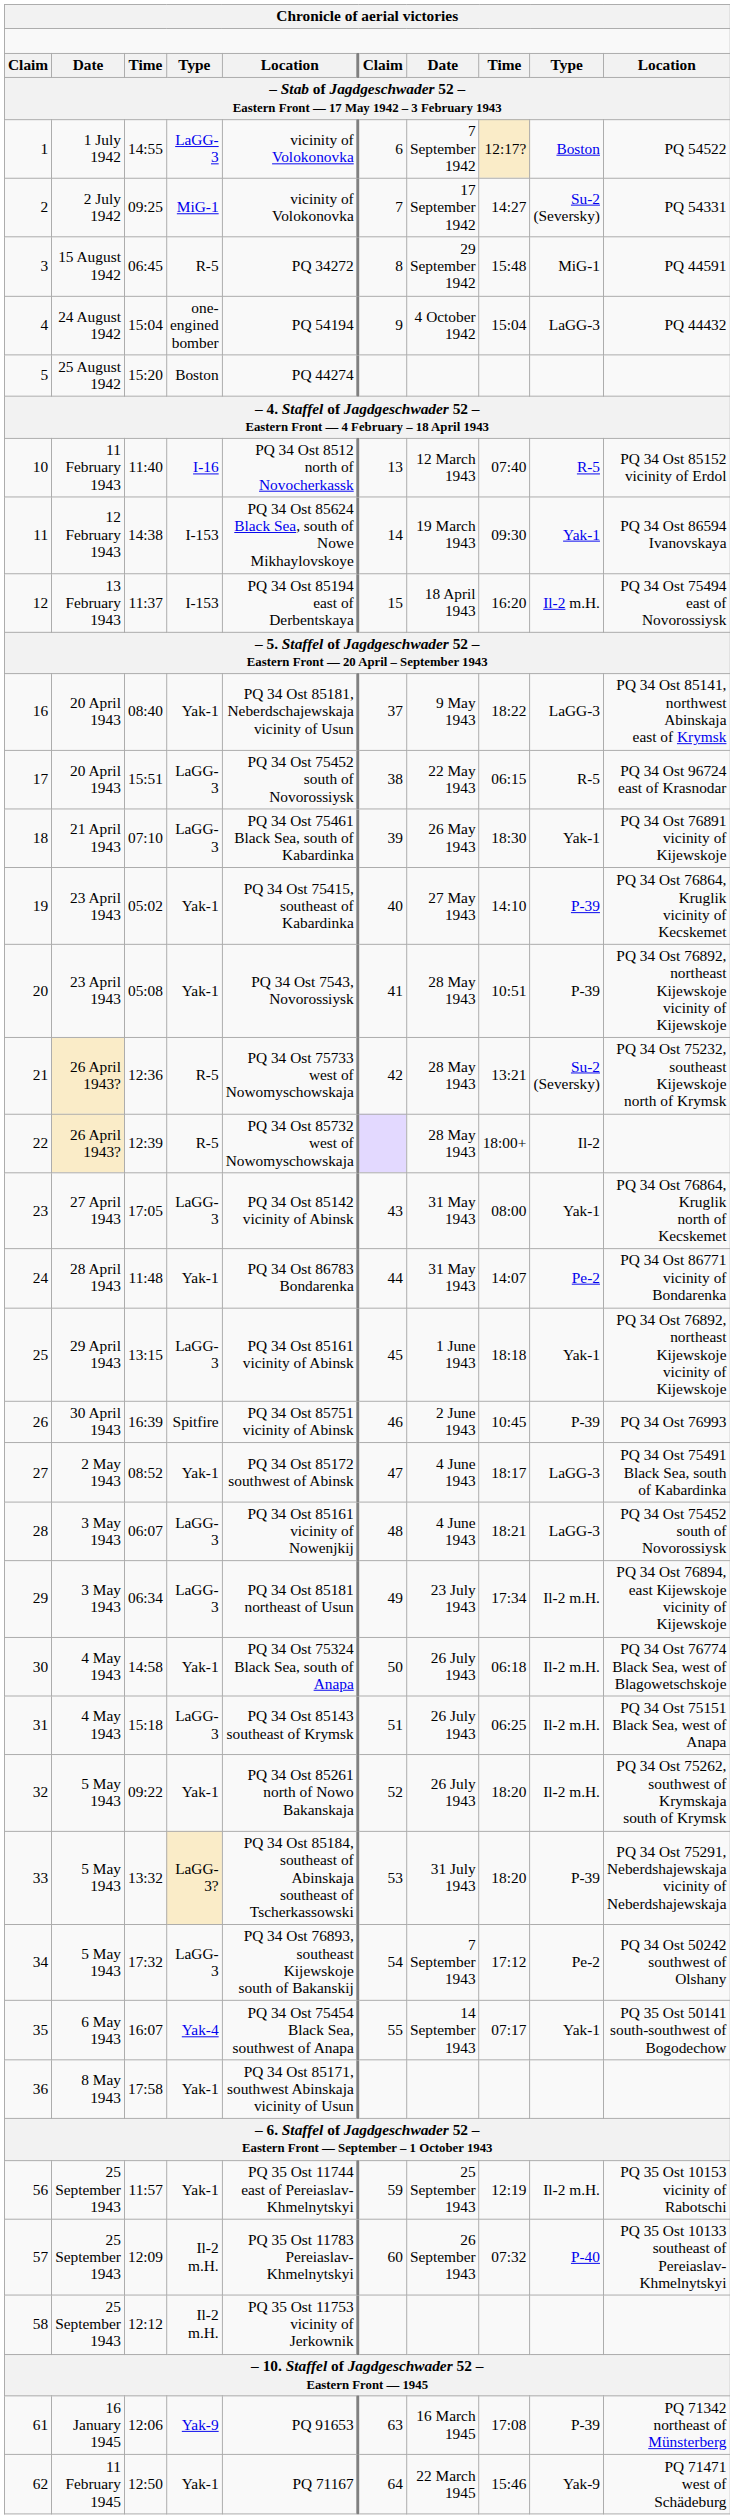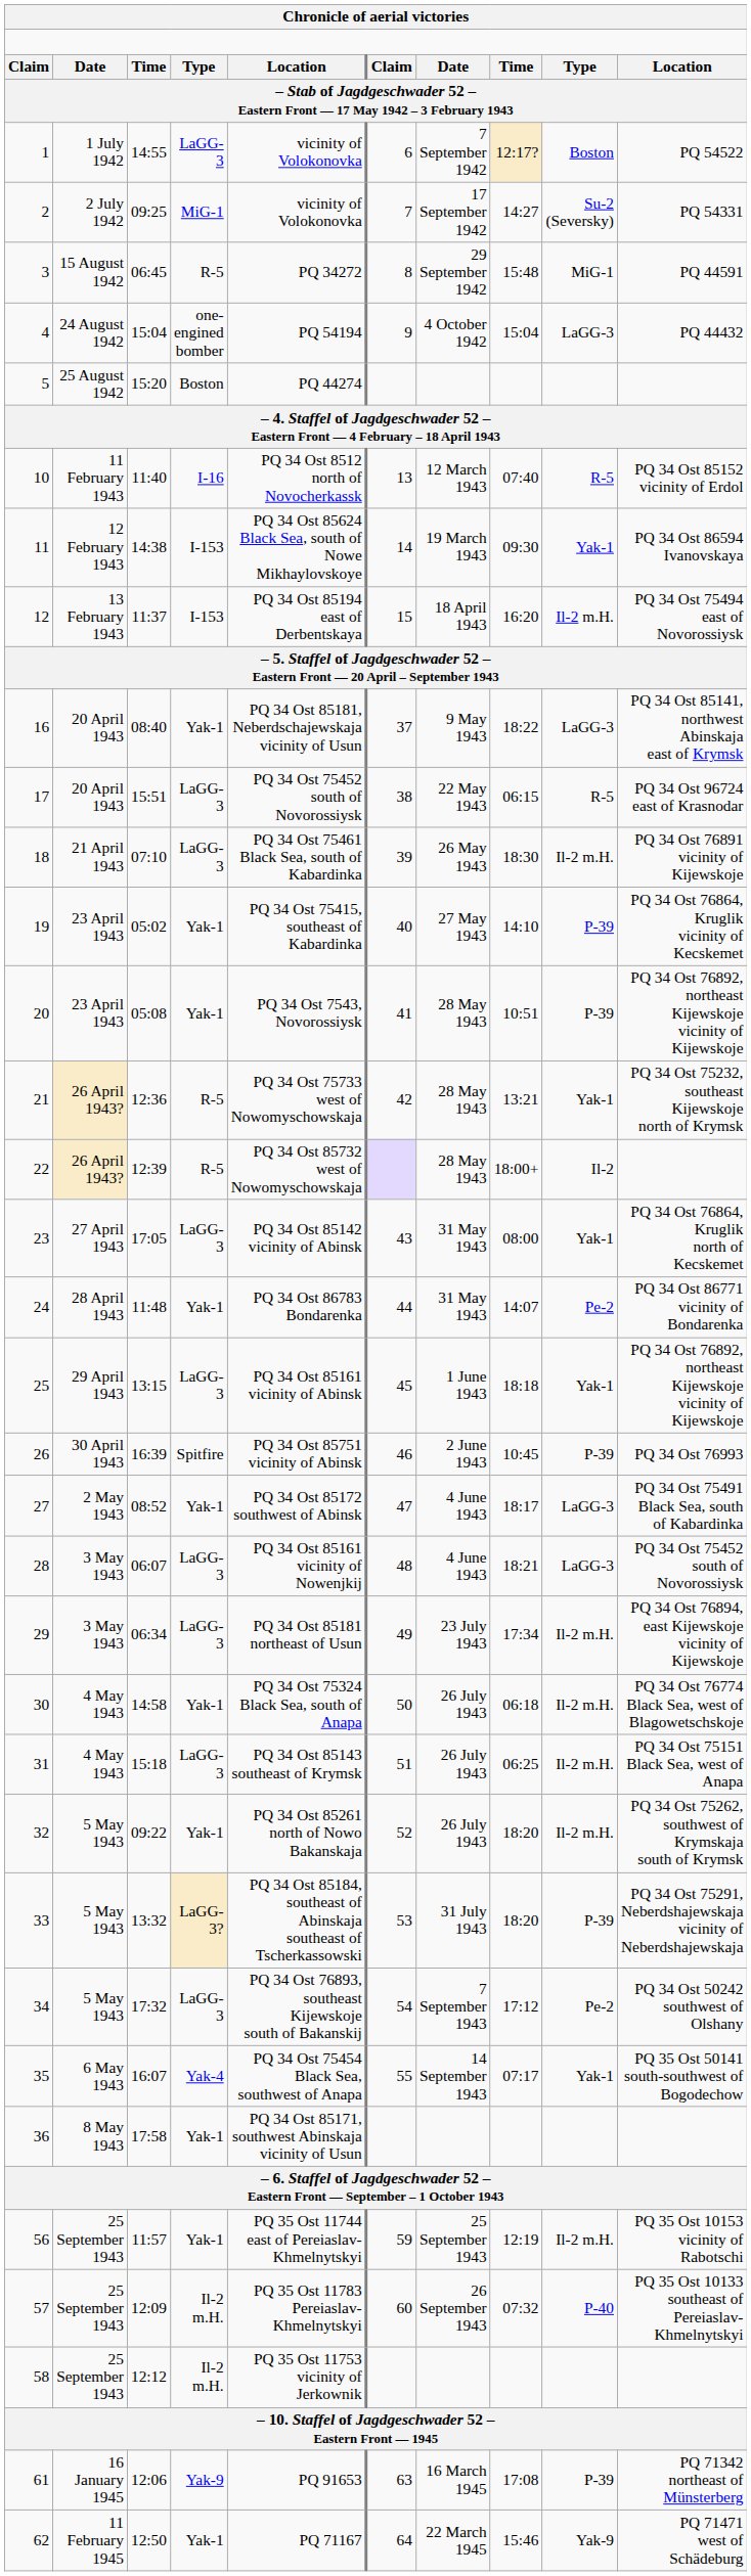 <table class="wikitable plainrowheaders collapsible" style="margin-left: auto; margin-right: auto; border: none; text-align:right; width: 100%;">
 <tr>
 <th colspan="10">Chronicle of aerial victories</th>
 </tr>
 <tr>
 <td colspan="10" style="text-align: left;"><br> </td>
 </tr>
 <tr>
 <th scope="col">Claim</th>
 <th scope="col">Date</th>
 <th scope="col">Time</th>
 <th scope="col" width="100px">Type</th>
 <th scope="col">Location</th>
 <th scope="col" style="border-left: 3px solid grey;">Claim</th>
 <th scope="col">Date</th>
 <th scope="col">Time</th>
 <th scope="col" width="100px">Type</th>
 <th scope="col">Location</th>
 </tr>
 <tr>
 <th colspan="10">– <em>Stab</em> of <em>Jagdgeschwader</em> 52 –<br><small>Eastern Front — 17 May 1942 – 3 February 1943</small></th>
 </tr>
 <tr>
 <td>1</td>
 <td>1 July 1942</td>
 <td>14:55</td>
 <td><a href='#'>LaGG-3</a></td>
 <td>vicinity of <a href='#'>Volokonovka</a></td>
 <td style="border-left: 3px solid gray;">6</td>
 <td>7 September 1942</td>
 <td style="background:#faecc8">12:17?</td>
 <td><a href='#'>Boston</a></td>
 <td>PQ 54522</td>
 </tr>
 <tr>
 <td>2</td>
 <td>2 July 1942</td>
 <td>09:25</td>
 <td><a href='#'>MiG-1</a></td>
 <td>vicinity of Volokonovka</td>
 <td style="border-left: 3px solid gray;">7</td>
 <td>17 September 1942</td>
 <td>14:27</td>
 <td><a href='#'>Su-2</a> (Seversky)</td>
 <td>PQ 54331</td>
 </tr>
 <tr>
 <td>3</td>
 <td>15 August 1942</td>
 <td>06:45</td>
 <td>R-5</td>
 <td>PQ 34272</td>
 <td style="border-left: 3px solid gray;">8</td>
 <td>29 September 1942</td>
 <td>15:48</td>
 <td>MiG-1</td>
 <td>PQ 44591</td>
 </tr>
 <tr>
 <td>4</td>
 <td>24 August 1942</td>
 <td>15:04</td>
 <td>one-engined bomber</td>
 <td>PQ 54194</td>
 <td style="border-left: 3px solid gray;">9</td>
 <td>4 October 1942</td>
 <td>15:04</td>
 <td>LaGG-3</td>
 <td>PQ 44432</td>
 </tr>
 <tr>
 <td>5</td>
 <td>25 August 1942</td>
 <td>15:20</td>
 <td>Boston</td>
 <td>PQ 44274</td>
 <td style="border-left: 3px solid gray;"></td>
 <td></td>
 <td></td>
 <td></td>
 <td></td>
 </tr>
 <tr>
 <th colspan="10">– 4. <em>Staffel</em> of <em>Jagdgeschwader</em> 52 –<br><small>Eastern Front — 4 February – 18 April 1943</small></th>
 </tr>
 <tr>
 <td>10</td>
 <td>11 February 1943</td>
 <td>11:40</td>
 <td><a href='#'>I-16</a></td>
 <td>PQ 34 Ost 8512<br> north of <a href='#'>Novocherkassk</a></td>
 <td style="border-left: 3px solid gray;">13</td>
 <td>12 March 1943</td>
 <td>07:40</td>
 <td><a href='#'>R-5</a></td>
 <td>PQ 34 Ost 85152<br>vicinity of Erdol</td>
 </tr>
 <tr>
 <td>11</td>
 <td>12 February 1943</td>
 <td>14:38</td>
 <td>I-153</td>
 <td>PQ 34 Ost 85624<br><a href='#'>Black Sea</a>, south of Nowe Mikhaylovskoye</td>
 <td style="border-left: 3px solid gray;">14</td>
 <td>19 March 1943</td>
 <td>09:30</td>
 <td><a href='#'>Yak-1</a></td>
 <td>PQ 34 Ost 86594<br>Ivanovskaya</td>
 </tr>
 <tr>
 <td>12</td>
 <td>13 February 1943</td>
 <td>11:37</td>
 <td>I-153</td>
 <td>PQ 34 Ost 85194<br>east of Derbentskaya</td>
 <td style="border-left: 3px solid gray;">15</td>
 <td>18 April 1943</td>
 <td>16:20</td>
 <td><a href='#'>Il-2</a> m.H.</td>
 <td>PQ 34 Ost 75494<br> east of Novorossiysk</td>
 </tr>
 <tr>
 <th colspan="10">– 5. <em>Staffel</em> of <em>Jagdgeschwader</em> 52 –<br><small>Eastern Front — 20 April – September 1943</small></th>
 </tr>
 <tr>
 <td>16</td>
 <td>20 April 1943</td>
 <td>08:40</td>
 <td>Yak-1</td>
 <td>PQ 34 Ost 85181, Neberdschajewskaja<br>vicinity of Usun</td>
 <td style="border-left: 3px solid grey;">37</td>
 <td>9 May 1943</td>
 <td>18:22</td>
 <td>LaGG-3</td>
 <td>PQ 34 Ost 85141, northwest Abinskaja<br>east of <a href='#'>Krymsk</a></td>
 </tr>
 <tr>
 <td>17</td>
 <td>20 April 1943</td>
 <td>15:51</td>
 <td>LaGG-3</td>
 <td>PQ 34 Ost 75452<br> south of Novorossiysk</td>
 <td style="border-left: 3px solid grey;">38</td>
 <td>22 May 1943</td>
 <td>06:15</td>
 <td>R-5</td>
 <td>PQ 34 Ost 96724<br>east of Krasnodar</td>
 </tr>
 <tr>
 <td>18</td>
 <td>21 April 1943</td>
 <td>07:10</td>
 <td>LaGG-3</td>
 <td>PQ 34 Ost 75461<br>Black Sea,  south of Kabardinka</td>
 <td style="border-left: 3px solid grey;">39</td>
 <td>26 May 1943</td>
 <td>18:30</td>
-<td>Yak-1</td>
+<td>Il-2 m.H.</td>
 <td>PQ 34 Ost 76891<br>vicinity of Kijewskoje</td>
 </tr>
 <tr>
 <td>19</td>
 <td>23 April 1943</td>
 <td>05:02</td>
 <td>Yak-1</td>
 <td>PQ 34 Ost 75415, southeast of Kabardinka</td>
 <td style="border-left: 3px solid grey;">40</td>
 <td>27 May 1943</td>
 <td>14:10</td>
 <td><a href='#'>P-39</a></td>
 <td>PQ 34 Ost 76864, Kruglik<br>vicinity of Kecskemet</td>
 </tr>
 <tr>
 <td>20</td>
 <td>23 April 1943</td>
 <td>05:08</td>
 <td>Yak-1</td>
 <td>PQ 34 Ost 7543, Novorossiysk</td>
 <td style="border-left: 3px solid grey;">41</td>
 <td>28 May 1943</td>
 <td>10:51</td>
 <td>P-39</td>
 <td>PQ 34 Ost 76892, northeast Kijewskoje<br>vicinity of Kijewskoje</td>
 </tr>
 <tr>
 <td>21</td>
 <td style="background:#faecc8">26 April 1943?</td>
 <td>12:36</td>
 <td>R-5</td>
 <td>PQ 34 Ost 75733<br>west of Nowomyschowskaja</td>
 <td style="border-left: 3px solid grey;">42</td>
 <td>28 May 1943</td>
 <td>13:21</td>
-<td><a href='#'>Su-2</a> (Seversky)</td>
+<td>Yak-1</td>
 <td>PQ 34 Ost 75232, southeast Kijewskoje<br>north of Krymsk</td>
 </tr>
 <tr>
 <td>22</td>
 <td style="background:#faecc8">26 April 1943?</td>
 <td>12:39</td>
 <td>R-5</td>
 <td>PQ 34 Ost 85732<br>west of Nowomyschowskaja</td>
 <td style="border-left: 3px solid grey; background:#e3d9ff;"></td>
 <td>28 May 1943</td>
 <td>18:00+</td>
 <td>Il-2</td>
 <td></td>
 </tr>
 <tr>
 <td>23</td>
 <td>27 April 1943</td>
 <td>17:05</td>
 <td>LaGG-3</td>
 <td>PQ 34 Ost 85142<br>vicinity of Abinsk</td>
 <td style="border-left: 3px solid grey;">43</td>
 <td>31 May 1943</td>
 <td>08:00</td>
 <td>Yak-1</td>
 <td>PQ 34 Ost 76864, Kruglik<br>north of Kecskemet</td>
 </tr>
 <tr>
 <td>24</td>
 <td>28 April 1943</td>
 <td>11:48</td>
 <td>Yak-1</td>
 <td>PQ 34 Ost 86783<br>Bondarenka</td>
 <td style="border-left: 3px solid grey;">44</td>
 <td>31 May 1943</td>
 <td>14:07</td>
 <td><a href='#'>Pe-2</a></td>
 <td>PQ 34 Ost 86771<br>vicinity of Bondarenka</td>
 </tr>
 <tr>
 <td>25</td>
 <td>29 April 1943</td>
 <td>13:15</td>
 <td>LaGG-3</td>
 <td>PQ 34 Ost 85161<br>vicinity of Abinsk</td>
 <td style="border-left: 3px solid grey;">45</td>
 <td>1 June 1943</td>
 <td>18:18</td>
 <td>Yak-1</td>
 <td>PQ 34 Ost 76892, northeast Kijewskoje<br>vicinity of Kijewskoje</td>
 </tr>
 <tr>
 <td>26</td>
 <td>30 April 1943</td>
 <td>16:39</td>
 <td>Spitfire</td>
 <td>PQ 34 Ost 85751<br>vicinity of Abinsk</td>
 <td style="border-left: 3px solid grey;">46</td>
 <td>2 June 1943</td>
 <td>10:45</td>
 <td>P-39</td>
 <td>PQ 34 Ost 76993</td>
 </tr>
 <tr>
 <td>27</td>
 <td>2 May 1943</td>
 <td>08:52</td>
 <td>Yak-1</td>
 <td>PQ 34 Ost 85172<br>southwest of Abinsk</td>
 <td style="border-left: 3px solid grey;">47</td>
 <td>4 June 1943</td>
 <td>18:17</td>
 <td>LaGG-3</td>
 <td>PQ 34 Ost 75491<br>Black Sea,  south of Kabardinka</td>
 </tr>
 <tr>
 <td>28</td>
 <td>3 May 1943</td>
 <td>06:07</td>
 <td>LaGG-3</td>
 <td>PQ 34 Ost 85161<br>vicinity of Nowenjkij</td>
 <td style="border-left: 3px solid grey;">48</td>
 <td>4 June 1943</td>
 <td>18:21</td>
 <td>LaGG-3</td>
 <td>PQ 34 Ost 75452<br> south of Novorossiysk</td>
 </tr>
 <tr>
 <td>29</td>
 <td>3 May 1943</td>
 <td>06:34</td>
 <td>LaGG-3</td>
 <td>PQ 34 Ost 85181<br>northeast of Usun</td>
 <td style="border-left: 3px solid grey;">49</td>
 <td>23 July 1943</td>
 <td>17:34</td>
 <td>Il-2 m.H.</td>
 <td>PQ 34 Ost 76894, east Kijewskoje<br>vicinity of Kijewskoje</td>
 </tr>
 <tr>
 <td>30</td>
 <td>4 May 1943</td>
 <td>14:58</td>
 <td>Yak-1</td>
 <td>PQ 34 Ost 75324<br>Black Sea, south of <a href='#'>Anapa</a></td>
 <td style="border-left: 3px solid grey;">50</td>
 <td>26 July 1943</td>
 <td>06:18</td>
 <td>Il-2 m.H.</td>
 <td>PQ 34 Ost 76774<br>Black Sea, west of Blagowetschskoje</td>
 </tr>
 <tr>
 <td>31</td>
 <td>4 May 1943</td>
 <td>15:18</td>
 <td>LaGG-3</td>
 <td>PQ 34 Ost 85143<br>southeast of Krymsk</td>
 <td style="border-left: 3px solid grey;">51</td>
 <td>26 July 1943</td>
 <td>06:25</td>
 <td>Il-2 m.H.</td>
 <td>PQ 34 Ost 75151<br>Black Sea, west of Anapa</td>
 </tr>
 <tr>
 <td>32</td>
 <td>5 May 1943</td>
 <td>09:22</td>
 <td>Yak-1</td>
 <td>PQ 34 Ost 85261<br>north of Nowo Bakanskaja</td>
 <td style="border-left: 3px solid grey;">52</td>
 <td>26 July 1943</td>
 <td>18:20</td>
 <td>Il-2 m.H.</td>
 <td>PQ 34 Ost 75262, southwest of Krymskaja<br>south of Krymsk</td>
 </tr>
 <tr>
 <td>33</td>
 <td>5 May 1943</td>
 <td>13:32</td>
 <td style="background:#faecc8">LaGG-3?</td>
 <td>PQ 34 Ost 85184,  southeast of Abinskaja<br>southeast of Tscherkassowski</td>
 <td style="border-left: 3px solid grey;">53</td>
 <td>31 July 1943</td>
 <td>18:20</td>
 <td>P-39</td>
 <td>PQ 34 Ost 75291, Neberdshajewskaja<br>vicinity of Neberdshajewskaja</td>
 </tr>
 <tr>
 <td>34</td>
 <td>5 May 1943</td>
 <td>17:32</td>
 <td>LaGG-3</td>
 <td>PQ 34 Ost 76893, southeast Kijewskoje<br>south of Bakanskij</td>
 <td style="border-left: 3px solid grey;">54</td>
 <td>7 September 1943</td>
 <td>17:12</td>
 <td>Pe-2</td>
 <td>PQ 34 Ost 50242<br> southwest of Olshany</td>
 </tr>
 <tr>
 <td>35</td>
 <td>6 May 1943</td>
 <td>16:07</td>
 <td><a href='#'>Yak-4</a></td>
 <td>PQ 34 Ost 75454<br>Black Sea, southwest of Anapa</td>
 <td style="border-left: 3px solid grey;">55</td>
 <td>14 September 1943</td>
 <td>07:17</td>
 <td>Yak-1</td>
 <td>PQ 35 Ost 50141<br> south-southwest of Bogodechow</td>
 </tr>
 <tr>
 <td>36</td>
 <td>8 May 1943</td>
 <td>17:58</td>
 <td>Yak-1</td>
 <td>PQ 34 Ost 85171, southwest Abinskaja<br>vicinity of Usun</td>
 <td style="border-left: 3px solid grey;"></td>
 <td></td>
 <td></td>
 <td></td>
 <td></td>
 </tr>
 <tr>
 <th colspan="10">– 6. <em>Staffel</em> of <em>Jagdgeschwader</em> 52 –<br><small>Eastern Front — September – 1 October 1943</small></th>
 </tr>
 <tr>
 <td>56</td>
 <td>25 September 1943</td>
 <td>11:57</td>
 <td>Yak-1</td>
 <td>PQ 35 Ost 11744<br> east of Pereiaslav-Khmelnytskyi</td>
 <td style="border-left: 3px solid grey;">59</td>
 <td>25 September 1943</td>
 <td>12:19</td>
 <td>Il-2 m.H.</td>
 <td>PQ 35 Ost 10153<br>vicinity of Rabotschi</td>
 </tr>
 <tr>
 <td>57</td>
 <td>25 September 1943</td>
 <td>12:09</td>
 <td>Il-2 m.H.</td>
 <td>PQ 35 Ost 11783<br>Pereiaslav-Khmelnytskyi</td>
 <td style="border-left: 3px solid grey;">60</td>
 <td>26 September 1943</td>
 <td>07:32</td>
 <td><a href='#'>P-40</a></td>
 <td>PQ 35 Ost 10133<br> southeast of Pereiaslav-Khmelnytskyi</td>
 </tr>
 <tr>
 <td>58</td>
 <td>25 September 1943</td>
 <td>12:12</td>
 <td>Il-2 m.H.</td>
 <td>PQ 35 Ost 11753<br>vicinity of Jerkownik</td>
 <td style="border-left: 3px solid grey;"></td>
 <td></td>
 <td></td>
 <td></td>
 <td></td>
 </tr>
 <tr>
 <th colspan="10">– 10. <em>Staffel</em> of <em>Jagdgeschwader</em> 52 –<br><small>Eastern Front — 1945</small></th>
 </tr>
 <tr>
 <td>61</td>
 <td>16 January 1945</td>
 <td>12:06</td>
 <td><a href='#'>Yak-9</a></td>
 <td>PQ 91653</td>
 <td style="border-left: 3px solid grey;">63</td>
 <td>16 March 1945</td>
 <td>17:08</td>
 <td>P-39</td>
 <td>PQ 71342<br>northeast of <a href='#'>Münsterberg</a></td>
 </tr>
 <tr>
 <td>62</td>
 <td>11 February 1945</td>
 <td>12:50</td>
 <td>Yak-1</td>
 <td>PQ 71167</td>
 <td style="border-left: 3px solid grey;">64</td>
 <td>22 March 1945</td>
 <td>15:46</td>
 <td>Yak-9</td>
 <td>PQ 71471<br>west of Schädeburg</td>
 </tr>
 </table>
